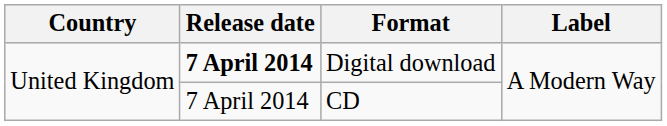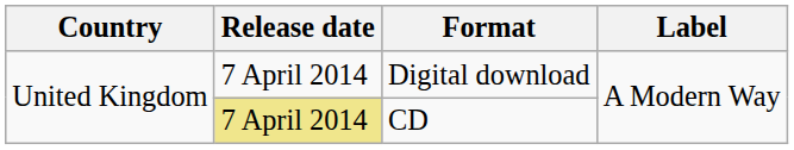 <table class="wikitable plainrowheaders">
 <tr>
 <th scope="col">Country</th>
 <th scope="col">Release date</th>
 <th scope="col">Format</th>
 <th scope="col">Label</th>
 </tr>
 <tr>
 <td rowspan="2">United Kingdom</td>
-<td><strong>7 April 2014</strong></td>
+<td>7 April 2014</td>
 <td>Digital download</td>
 <td rowspan="2">A Modern Way</td>
 </tr>
 <tr>
-<td>7 April 2014</td>
+<td style="background: khaki;">7 April 2014</td>
 <td>CD</td>
 </tr>
 </table>
